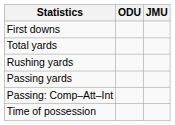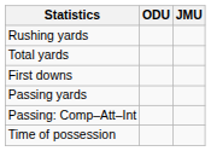 <table class="wikitable" style="float: left;">
 <tr>
 <th>Statistics</th>
 <th>ODU</th>
 <th>JMU</th>
 </tr>
 <tr>
-<td>First downs</td>
+<td>Rushing yards</td>
 <td></td>
 <td></td>
 </tr>
 <tr>
 <td>Total yards</td>
 <td></td>
 <td></td>
 </tr>
 <tr>
-<td>Rushing yards</td>
+<td>First downs</td>
 <td></td>
 <td></td>
 </tr>
 <tr>
 <td>Passing yards</td>
 <td></td>
 <td></td>
 </tr>
 <tr>
 <td>Passing: Comp–Att–Int</td>
 <td></td>
 <td></td>
 </tr>
 <tr>
 <td>Time of possession</td>
 <td></td>
 <td></td>
 </tr>
 </table>
